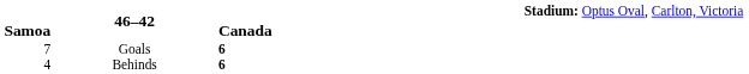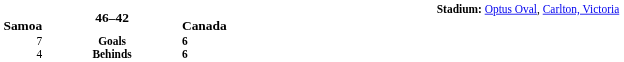 <table style="width: 100%; background: transparent;" cellspacing="0">
 <tr>
 <td align=center valign=top rowspan=3 width=15%></td>
 </tr>
 <tr>
 <td width=24% align=right><br><strong>Samoa</strong></td>
 <td align=center width=13%><strong>46–42</strong></td>
 <td width=24%><br><strong>Canada</strong></td>
 <td style=font-size:85% rowspan=2 valign=top><strong>Stadium:</strong> <a href='#'>Optus Oval</a>, <a href='#'>Carlton, Victoria</a></td>
 </tr>
 <tr style=font-size:85%>
 <td align=right valign=top>7<br> 4</td>
-<td align=center valign=top>Goals <br>Behinds</td>
+<td align=center valign=top><strong>Goals <br>Behinds</strong></td>
 <td valign=top><strong>6<br> 6</strong></td>
 </tr>
 </table>
